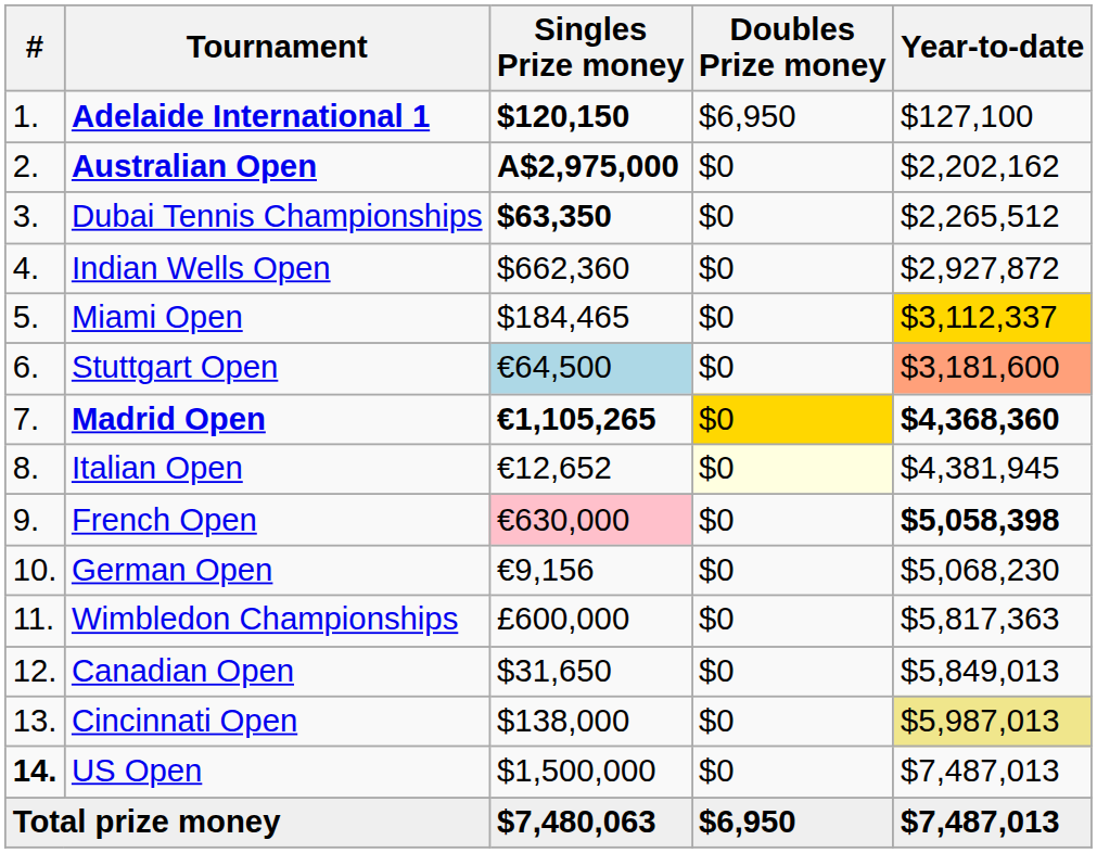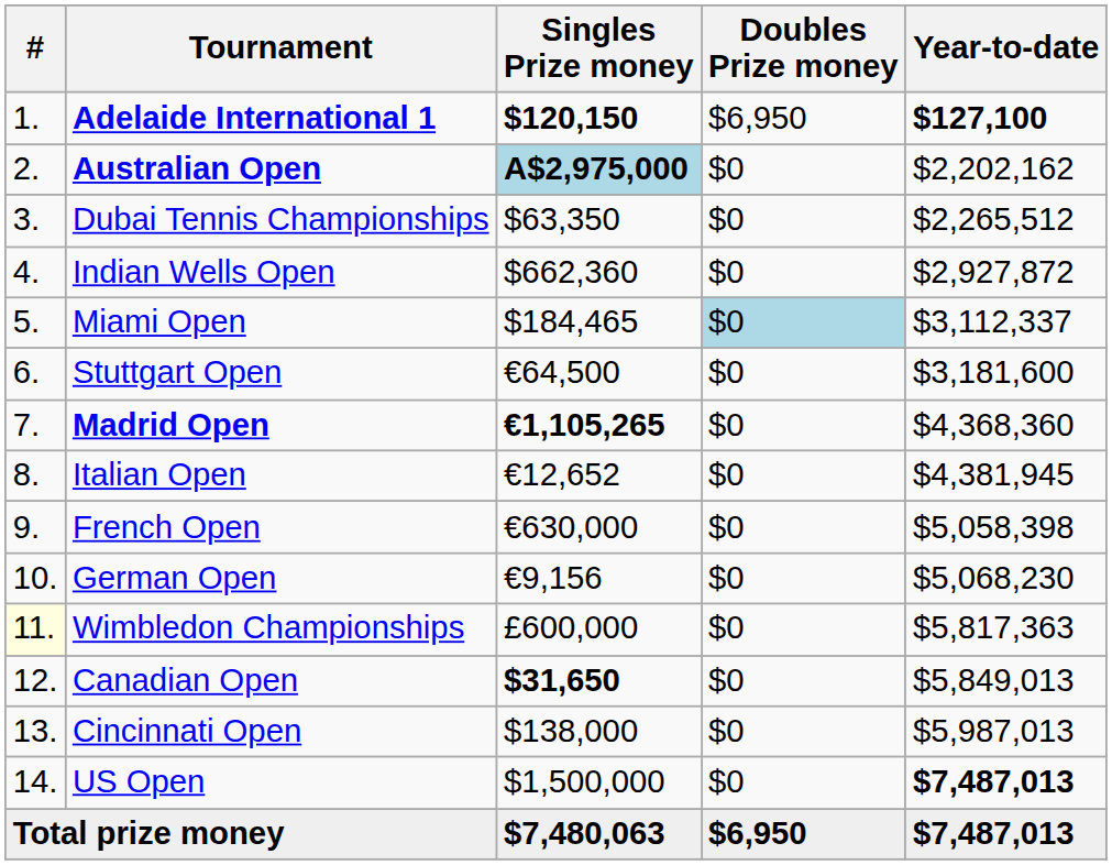 <table class="wikitable sortable">
 <tr>
 <th>#</th>
 <th>Tournament</th>
 <th>Singles<br>Prize money</th>
 <th>Doubles<br>Prize money</th>
 <th>Year-to-date</th>
 </tr>
 <tr>
 <td>1.</td>
 <td><strong><a href='#'>Adelaide International 1</a></strong></td>
 <td><strong>$120,150</strong></td>
 <td>$6,950</td>
-<td>$127,100</td>
+<td><strong>$127,100</strong></td>
 </tr>
 <tr>
 <td>2.</td>
 <td><strong><a href='#'>Australian Open</a></strong></td>
-<td><strong>A$2,975,000</strong></td>
+<td style="background: lightblue;"><strong>A$2,975,000</strong></td>
 <td>$0</td>
 <td>$2,202,162</td>
 </tr>
 <tr>
 <td>3.</td>
 <td><a href='#'>Dubai Tennis Championships</a></td>
-<td><strong>$63,350</strong></td>
+<td>$63,350</td>
 <td>$0</td>
 <td>$2,265,512</td>
 </tr>
 <tr>
 <td>4.</td>
 <td><a href='#'>Indian Wells Open</a></td>
 <td>$662,360</td>
 <td>$0</td>
 <td>$2,927,872</td>
 </tr>
 <tr>
 <td>5.</td>
 <td><a href='#'>Miami Open</a></td>
 <td>$184,465</td>
-<td>$0</td>
-<td style="background: gold;">$3,112,337</td>
+<td style="background: lightblue;">$0</td>
+<td>$3,112,337</td>
 </tr>
 <tr>
 <td>6.</td>
 <td><a href='#'>Stuttgart Open</a></td>
-<td style="background: lightblue;">€64,500</td>
+<td>€64,500</td>
 <td>$0</td>
-<td style="background: lightsalmon;">$3,181,600</td>
+<td>$3,181,600</td>
 </tr>
 <tr>
 <td>7.</td>
 <td><strong><a href='#'>Madrid Open</a></strong></td>
 <td><strong>€1,105,265</strong></td>
-<td style="background: gold;">$0</td>
-<td><strong>$4,368,360</strong></td>
+<td>$0</td>
+<td>$4,368,360</td>
 </tr>
 <tr>
 <td>8.</td>
 <td><a href='#'>Italian Open</a></td>
 <td>€12,652</td>
-<td style="background: lightyellow;">$0</td>
+<td>$0</td>
 <td>$4,381,945</td>
 </tr>
 <tr>
 <td>9.</td>
 <td><a href='#'>French Open</a></td>
-<td style="background: pink;">€630,000</td>
+<td>€630,000</td>
 <td>$0</td>
-<td><strong>$5,058,398</strong></td>
+<td>$5,058,398</td>
 </tr>
 <tr>
 <td>10.</td>
 <td><a href='#'>German Open</a></td>
 <td>€9,156</td>
 <td>$0</td>
 <td>$5,068,230</td>
 </tr>
 <tr>
-<td>11.</td>
+<td style="background: lightyellow;">11.</td>
 <td><a href='#'>Wimbledon Championships</a></td>
 <td>£600,000</td>
 <td>$0</td>
 <td>$5,817,363</td>
 </tr>
 <tr>
 <td>12.</td>
 <td><a href='#'>Canadian Open</a></td>
-<td>$31,650</td>
+<td><strong>$31,650</strong></td>
 <td>$0</td>
 <td>$5,849,013</td>
 </tr>
 <tr>
 <td>13.</td>
 <td><a href='#'>Cincinnati Open</a></td>
 <td>$138,000</td>
 <td>$0</td>
-<td style="background: khaki;">$5,987,013</td>
+<td>$5,987,013</td>
 </tr>
 <tr>
-<td><strong>14.</strong></td>
+<td>14.</td>
 <td><a href='#'>US Open</a></td>
 <td>$1,500,000</td>
 <td>$0</td>
-<td>$7,487,013</td>
+<td><strong>$7,487,013</strong></td>
 </tr>
 <tr style="background:#efefef">
 <td colspan="2"><strong>Total prize money</strong></td>
 <td><strong>$7,480,063</strong></td>
 <td><strong>$6,950</strong></td>
 <td><strong>$7,487,013</strong></td>
 </tr>
 </table>
